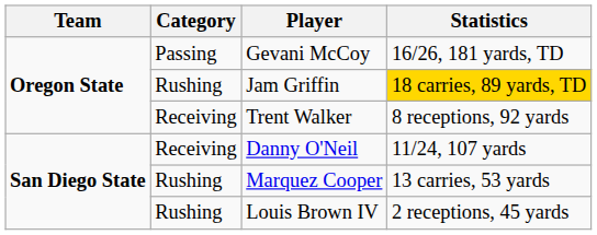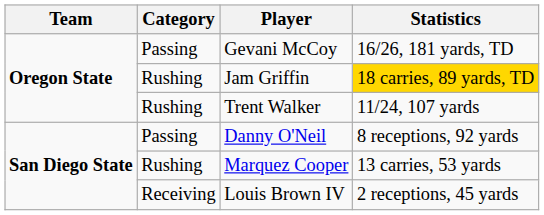 <table class="wikitable" style="float: right;">
 <tr>
 <th>Team</th>
 <th>Category</th>
 <th>Player</th>
 <th>Statistics</th>
 </tr>
 <tr>
 <td rowspan=3><strong>Oregon State</strong></td>
 <td>Passing</td>
 <td>Gevani McCoy</td>
 <td>16/26, 181 yards, TD</td>
 </tr>
 <tr>
 <td>Rushing</td>
 <td>Jam Griffin</td>
 <td style="background: gold;">18 carries, 89 yards, TD</td>
 </tr>
 <tr>
-<td>Receiving</td>
+<td>Rushing</td>
 <td>Trent Walker</td>
-<td>8 receptions, 92 yards</td>
+<td>11/24, 107 yards</td>
 </tr>
 <tr>
 <td rowspan=3><strong>San Diego State</strong></td>
-<td>Receiving</td>
+<td>Passing</td>
 <td><a href='#'>Danny O'Neil</a></td>
-<td>11/24, 107 yards</td>
+<td>8 receptions, 92 yards</td>
 </tr>
 <tr>
 <td>Rushing</td>
 <td><a href='#'>Marquez Cooper</a></td>
 <td>13 carries, 53 yards</td>
 </tr>
 <tr>
-<td>Rushing</td>
+<td>Receiving</td>
 <td>Louis Brown IV</td>
 <td>2 receptions, 45 yards</td>
 </tr>
 </table>
